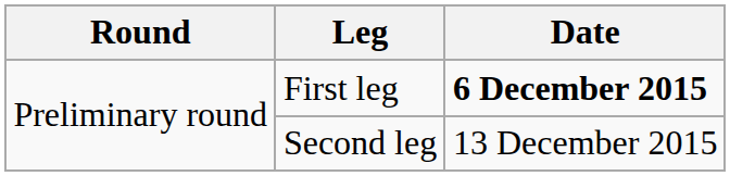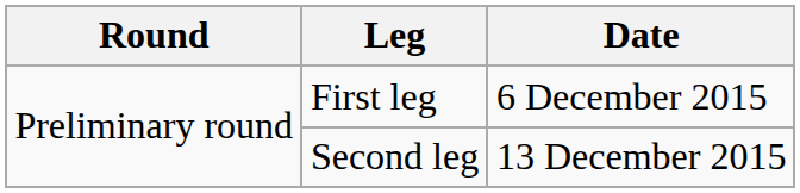 <table class="wikitable">
 <tr>
 <th>Round</th>
 <th>Leg</th>
 <th>Date</th>
 </tr>
 <tr>
 <td rowspan=2>Preliminary round</td>
 <td>First leg</td>
-<td><strong>6 December 2015</strong></td>
+<td>6 December 2015</td>
 </tr>
 <tr>
 <td>Second leg</td>
 <td>13 December 2015</td>
 </tr>
 </table>
